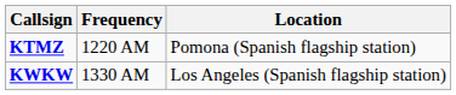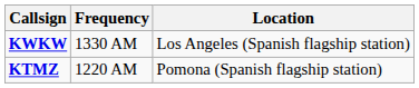 <table class="wikitable sortable">
 <tr>
 <th>Callsign</th>
 <th>Frequency</th>
 <th>Location</th>
 </tr>
 <tr>
+<td><strong><a href='#'>KWKW</a></strong></td>
+<td data-sort-value=001330>1330 AM</td>
+<td>Los Angeles (Spanish flagship station)</td>
+</tr>
+<tr>
 <td><strong><a href='#'>KTMZ</a></strong></td>
 <td data-sort-value=001330>1220 AM</td>
 <td>Pomona (Spanish flagship station)</td>
 </tr>
-<tr>
-<td><strong><a href='#'>KWKW</a></strong></td>
-<td data-sort-value=001330>1330 AM</td>
-<td>Los Angeles (Spanish flagship station)</td>
-</tr>
 </table>
